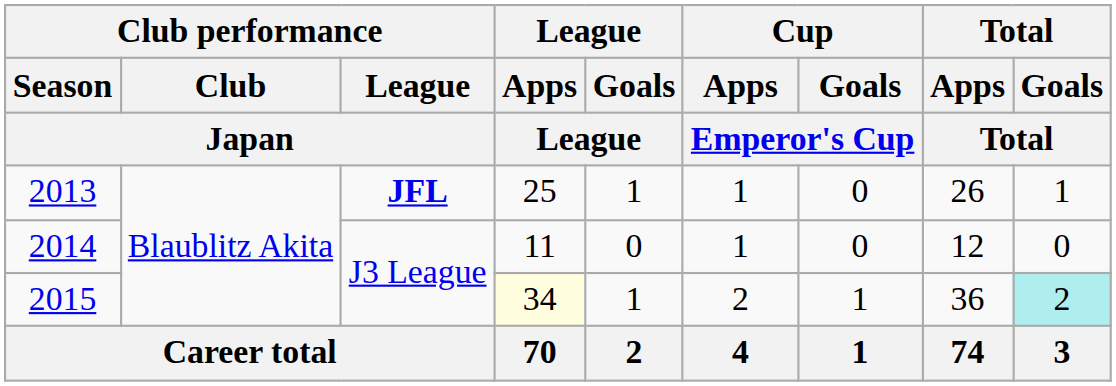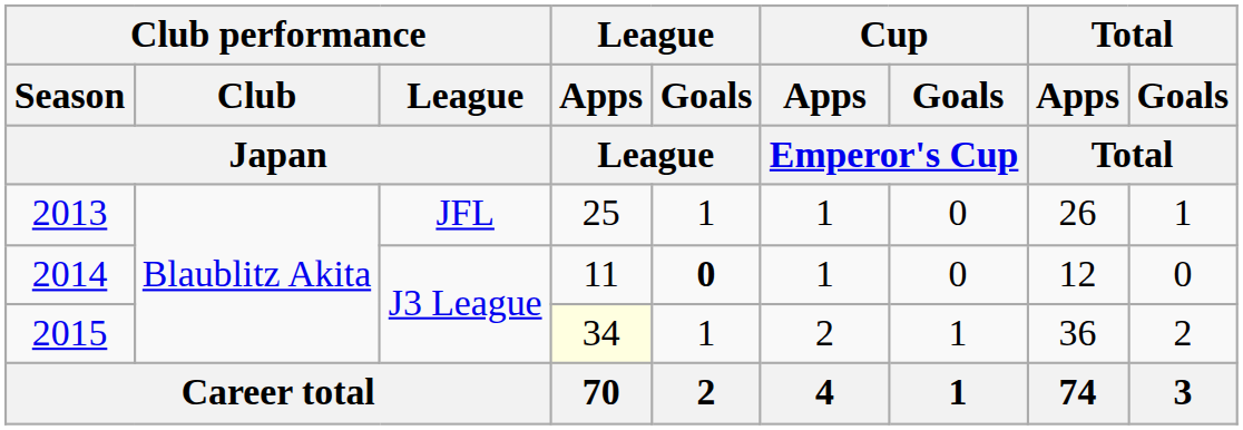 <table class="wikitable" style="text-align:center">
 <tr>
 <th colspan=3>Club performance</th>
 <th colspan=2>League</th>
 <th colspan=2>Cup</th>
 <th colspan=2>Total</th>
 </tr>
 <tr>
 <th>Season</th>
 <th>Club</th>
 <th>League</th>
 <th>Apps</th>
 <th>Goals</th>
 <th>Apps</th>
 <th>Goals</th>
 <th>Apps</th>
 <th>Goals</th>
 </tr>
 <tr>
 <th colspan=3>Japan</th>
 <th colspan=2>League</th>
 <th colspan=2><a href='#'>Emperor's Cup</a></th>
 <th colspan=2>Total</th>
 </tr>
 <tr>
 <td><a href='#'>2013</a></td>
 <td rowspan="3"><a href='#'>Blaublitz Akita</a></td>
-<td><strong><a href='#'>JFL</a></strong></td>
+<td><a href='#'>JFL</a></td>
 <td>25</td>
 <td>1</td>
 <td>1</td>
 <td>0</td>
 <td>26</td>
 <td>1</td>
 </tr>
 <tr>
 <td><a href='#'>2014</a></td>
 <td rowspan="2"><a href='#'>J3 League</a></td>
 <td>11</td>
-<td>0</td>
+<td><strong>0</strong></td>
 <td>1</td>
 <td>0</td>
 <td>12</td>
 <td>0</td>
 </tr>
 <tr>
 <td><a href='#'>2015</a></td>
 <td style="background: lightyellow;">34</td>
 <td>1</td>
 <td>2</td>
 <td>1</td>
 <td>36</td>
-<td style="background: paleturquoise;">2</td>
+<td>2</td>
 </tr>
 <tr>
 <th colspan=3>Career total</th>
 <th>70</th>
 <th>2</th>
 <th>4</th>
 <th>1</th>
 <th>74</th>
 <th>3</th>
 </tr>
 </table>
